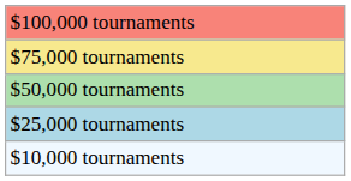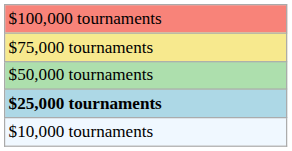 <table class="wikitable" style="font-size:90%;" width=12%>
 <tr style="background:#f88379;">
 <td>$100,000 tournaments</td>
 </tr>
 <tr style="background:#f7e98e;">
 <td>$75,000 tournaments</td>
 </tr>
 <tr style="background:#addfad;">
 <td>$50,000 tournaments</td>
 </tr>
 <tr style="background:lightblue;">
-<td>$25,000 tournaments</td>
+<td><strong>$25,000 tournaments</strong></td>
 </tr>
 <tr style="background:#f0f8ff;">
 <td>$10,000 tournaments</td>
 </tr>
 </table>
